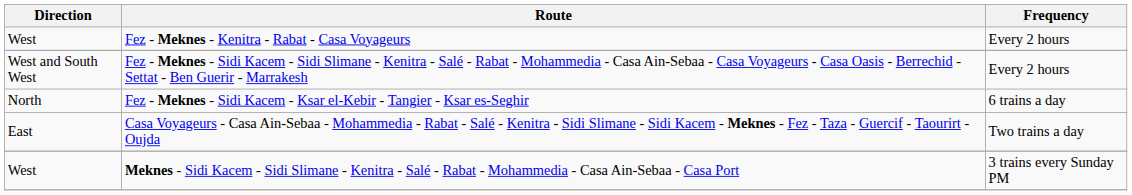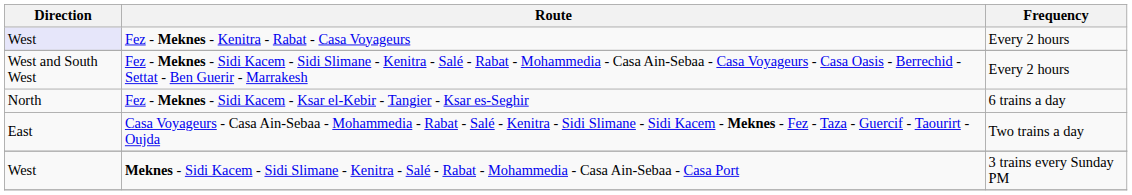 <table class="wikitable">
 <tr>
 <th>Direction</th>
 <th colspan="3">Route</th>
 <th>Frequency</th>
 </tr>
 <tr>
-<td>West</td>
+<td style="background: lavender;">West</td>
 <td colspan="3"><a href='#'>Fez</a> - <strong>Meknes</strong> - <a href='#'>Kenitra</a> - <a href='#'>Rabat</a> - <a href='#'>Casa Voyageurs</a></td>
 <td>Every 2 hours</td>
 </tr>
 <tr>
 </tr>
 <tr>
 <td>West and South West</td>
 <td colspan="3"><a href='#'>Fez</a> - <strong>Meknes</strong> - <a href='#'>Sidi Kacem</a> - <a href='#'>Sidi Slimane</a> - <a href='#'>Kenitra</a> - <a href='#'>Salé</a> - <a href='#'>Rabat</a> - <a href='#'>Mohammedia</a> - Casa Ain-Sebaa - <a href='#'>Casa Voyageurs</a> - <a href='#'>Casa Oasis</a> - <a href='#'>Berrechid</a> - <a href='#'>Settat</a> - <a href='#'>Ben Guerir</a> - <a href='#'>Marrakesh</a></td>
 <td>Every 2 hours</td>
 </tr>
 <tr>
 <td>North</td>
 <td colspan="3"><a href='#'>Fez</a> - <strong>Meknes</strong> - <a href='#'>Sidi Kacem</a> - <a href='#'>Ksar el-Kebir</a> - <a href='#'>Tangier</a> - <a href='#'>Ksar es-Seghir</a></td>
 <td>6 trains a day</td>
 </tr>
 <tr>
 <td>East</td>
 <td colspan="3"><a href='#'>Casa Voyageurs</a> - Casa Ain-Sebaa - <a href='#'>Mohammedia</a> - <a href='#'>Rabat</a> - <a href='#'>Salé</a> - <a href='#'>Kenitra</a> - <a href='#'>Sidi Slimane</a> - <a href='#'>Sidi Kacem</a> - <strong>Meknes</strong> - <a href='#'>Fez</a> - <a href='#'>Taza</a> - <a href='#'>Guercif</a> - <a href='#'>Taourirt</a> - <a href='#'>Oujda</a></td>
 <td>Two trains a day</td>
 </tr>
 <tr>
 </tr>
 <tr>
 <td>West</td>
 <td colspan="3"><strong>Meknes</strong> - <a href='#'>Sidi Kacem</a> - <a href='#'>Sidi Slimane</a> - <a href='#'>Kenitra</a> - <a href='#'>Salé</a> - <a href='#'>Rabat</a> - <a href='#'>Mohammedia</a> - Casa Ain-Sebaa - <a href='#'>Casa Port</a></td>
 <td>3 trains every Sunday PM</td>
 </tr>
 <tr>
 </tr>
 </table>
